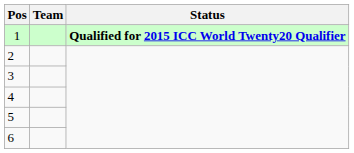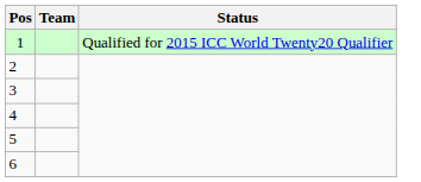 <table class="wikitable">
 <tr>
 <th>Pos</th>
 <th>Team</th>
 <th>Status</th>
 </tr>
 <tr style="background:#cfc">
 <td style="text-align:center">1</td>
 <td></td>
-<td><strong>Qualified for <a href='#'>2015 ICC World Twenty20 Qualifier</a></strong></td>
+<td>Qualified for <a href='#'>2015 ICC World Twenty20 Qualifier</a></td>
 </tr>
 <tr>
 <td>2</td>
 <td></td>
 </tr>
 <tr>
 <td>3</td>
 <td></td>
 </tr>
 <tr>
 <td>4</td>
 <td></td>
 </tr>
 <tr>
 <td>5</td>
 <td></td>
 </tr>
 <tr>
 <td>6</td>
 <td></td>
 </tr>
 </table>
